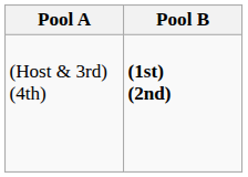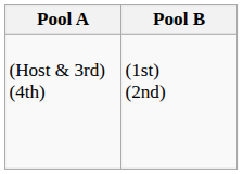 <table class="wikitable">
 <tr>
 <th width=45%>Pool A</th>
 <th width=45%>Pool B</th>
 </tr>
 <tr>
 <td valign=top><br> (Host & 3rd)<br>  (4th)<br> <br> <br> </td>
-<td><strong><br> (1st)<br>  (2nd)<br> <br> <br> <br> </strong></td>
+<td><br> (1st)<br>  (2nd)<br> <br> <br> <br> </td>
 </tr>
 </table>
